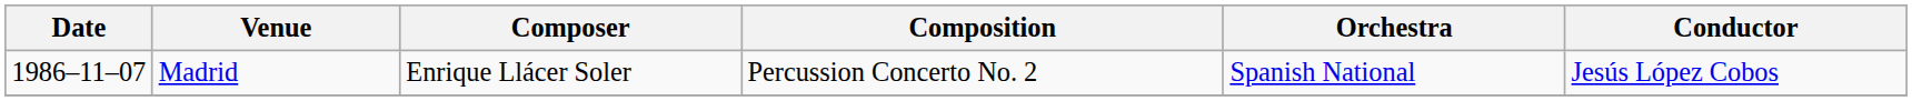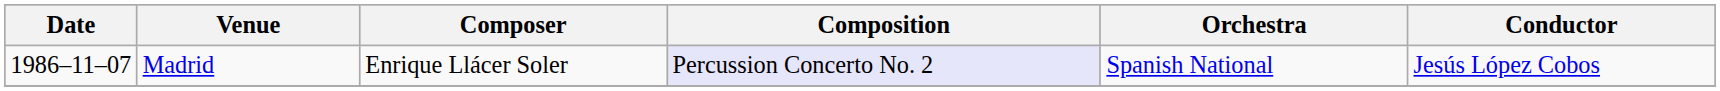 <table class="wikitable" style="font-size:90%">
 <tr>
 <th>Date</th>
 <th width=125px>Venue</th>
 <th width=175px>Composer</th>
 <th width=250px>Composition</th>
 <th width=175px>Orchestra</th>
 <th width=175px>Conductor</th>
 </tr>
 <tr>
 <td>1986–11–07 </td>
 <td><a href='#'>Madrid</a></td>
 <td>Enrique Llácer Soler</td>
-<td>Percussion Concerto No. 2</td>
+<td style="background: lavender;">Percussion Concerto No. 2</td>
 <td><a href='#'>Spanish National</a></td>
 <td><a href='#'>Jesús López Cobos</a></td>
 </tr>
 <tr>
 </tr>
 </table>
